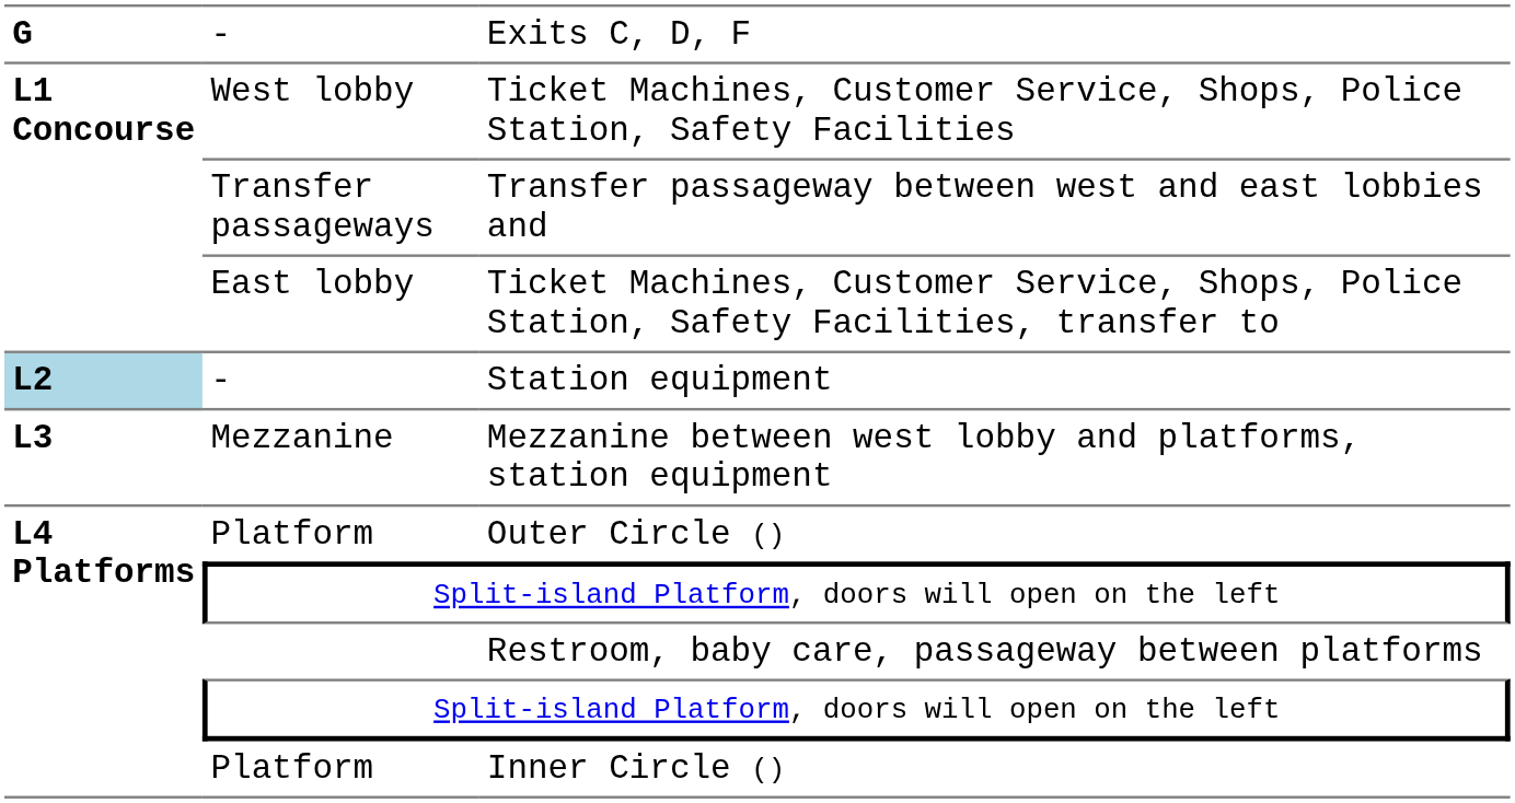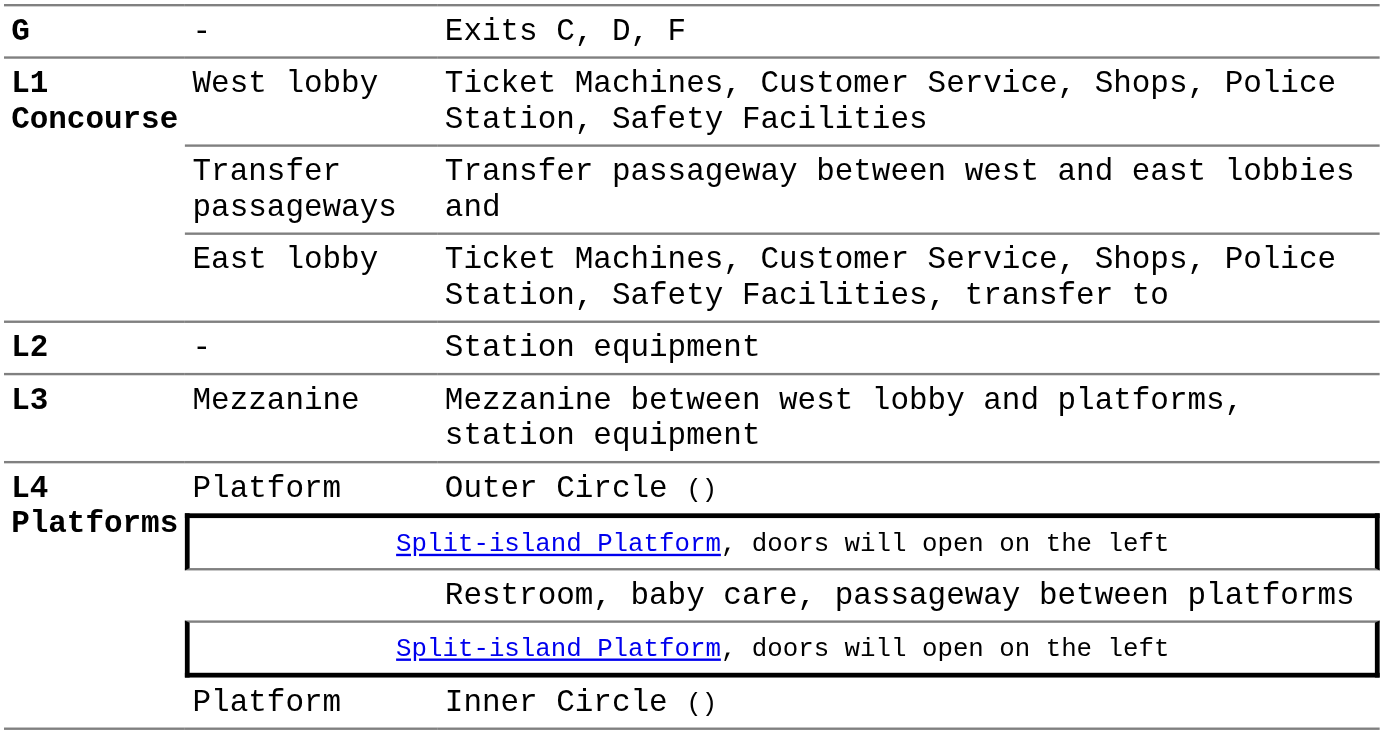 <table table border=0 cellspacing=0 cellpadding=3>
 <tr>
 <td style="border-top:solid 1px gray;" width=50 valign=top><strong>G</strong></td>
 <td style="border-top:solid 1px gray;" width=100 valign=top>-</td>
 <td style="border-top:solid 1px gray;" width=390 valign=top>Exits C, D, F</td>
 </tr>
 <tr>
 <td style="border-bottom:solid 1px gray; border-top:solid 1px gray;" rowspan=3 valign=top width=50><strong>L1<br>Concourse</strong></td>
 <td style="border-top:solid 1px gray;" valign=top width=100>West lobby</td>
 <td style="border-top:solid 1px gray;" valign=top width=390>Ticket Machines, Customer Service, Shops, Police Station, Safety Facilities</td>
 </tr>
 <tr>
 <td style="border-top:solid 1px gray;" valign=top width=100>Transfer passageways</td>
 <td style="border-top:solid 1px gray;" valign=top width=100>Transfer passageway between west and east lobbies and </td>
 </tr>
 <tr>
 <td style="border-bottom:solid 1px gray; border-top:solid 1px gray;" valign=top width=100>East lobby</td>
 <td style="border-bottom:solid 1px gray; border-top:solid 1px gray;" valign=top width=390>Ticket Machines, Customer Service, Shops, Police Station, Safety Facilities, transfer to </td>
 </tr>
 <tr>
-<td style="background: lightblue; border-bottom:solid 1px gray;" width=50 valign=top><strong>L2</strong></td>
+<td style="border-bottom:solid 1px gray;" width=50 valign=top><strong>L2</strong></td>
 <td style="border-bottom:solid 1px gray;" width=100 valign=top>-</td>
 <td style="border-bottom:solid 1px gray;" width=390 valign=top>Station equipment</td>
 </tr>
 <tr>
 <td style="border-bottom:solid 1px gray;" width=50 valign=top><strong>L3</strong></td>
 <td style="border-bottom:solid 1px gray;" width=100 valign=top>Mezzanine</td>
 <td style="border-bottom:solid 1px gray;" width=390 valign=top>Mezzanine between west lobby and platforms, station equipment</td>
 </tr>
 <tr>
 <td style="border-bottom:solid 1px gray;" rowspan=5 valign=top><strong>L4<br>Platforms</strong></td>
 <td>Platform </td>
 <td>  Outer Circle <small>()</small></td>
 </tr>
 <tr>
 <td style="border-right:solid 2px black;border-left:solid 2px black;border-top:solid 2px black;border-bottom:solid 1px gray;text-align:center;" colspan=2><small><a href='#'>Split-island Platform</a>, doors will open on the left</small></td>
 </tr>
 <tr>
 <td></td>
 <td>Restroom, baby care, passageway between platforms</td>
 </tr>
 <tr>
 <td style="border-right:solid 2px black;border-left:solid 2px black;border-top:solid 1px gray;border-bottom:solid 2px black;text-align:center;" colspan=2><small><a href='#'>Split-island Platform</a>, doors will open on the left</small></td>
 </tr>
 <tr>
 <td style="border-bottom:solid 1px gray;">Platform </td>
 <td style="border-bottom:solid 1px gray;"> Inner Circle <small>()</small> </td>
 </tr>
 </table>
